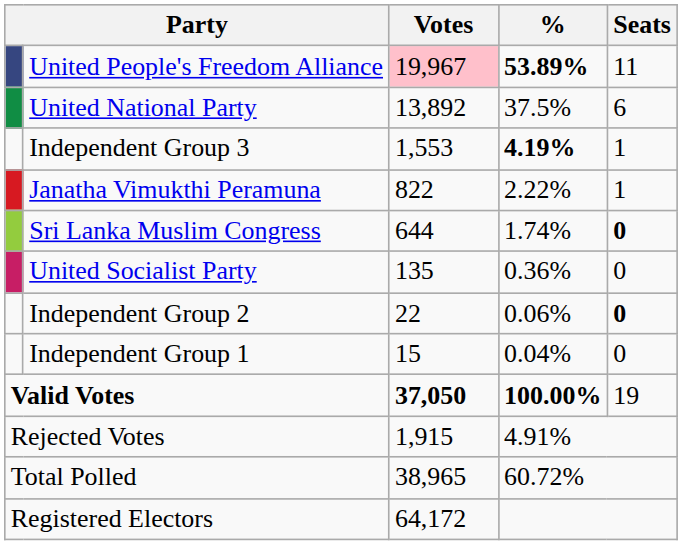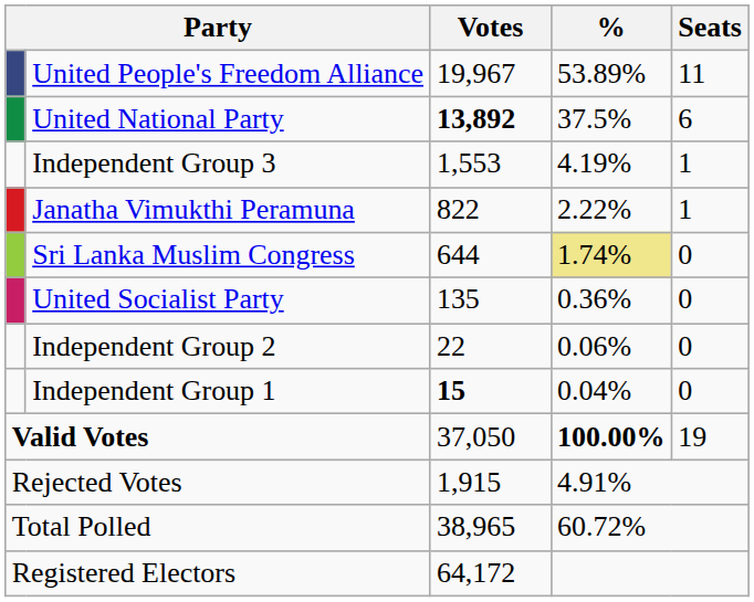 <table class="wikitable" border="1" style="text-align:left;">
 <tr>
 <th colspan="2" valign="bottom" align="left">Party</th>
 <th valign="bottom" align="center" width="60">Votes</th>
 <th valign="bottom" align="center" width="50">%</th>
 <th valign="bottom" align="center">Seats</th>
 </tr>
 <tr>
 <td bgcolor="#364680"> </td>
 <td align="left"><a href='#'>United People's Freedom Alliance</a></td>
-<td style="background: pink;">19,967</td>
-<td><strong>53.89%</strong></td>
+<td>19,967</td>
+<td>53.89%</td>
 <td>11</td>
 </tr>
 <tr>
 <td bgcolor="#108D44"> </td>
 <td align="left"><a href='#'>United National Party</a></td>
-<td>13,892</td>
+<td><strong>13,892</strong></td>
 <td>37.5%</td>
 <td>6</td>
 </tr>
 <tr>
 <td></td>
 <td>Independent Group 3</td>
 <td>1,553</td>
-<td><strong>4.19%</strong></td>
+<td>4.19%</td>
 <td>1</td>
 </tr>
 <tr>
 <td bgcolor="#D71921"> </td>
 <td align="left"><a href='#'>Janatha Vimukthi Peramuna</a></td>
 <td>822</td>
 <td>2.22%</td>
 <td>1</td>
 </tr>
 <tr>
 <td bgcolor="#93CC3E"> </td>
 <td><a href='#'>Sri Lanka Muslim Congress</a></td>
 <td>644</td>
-<td>1.74%</td>
-<td><strong>0</strong></td>
+<td style="background: khaki;">1.74%</td>
+<td>0</td>
 </tr>
 <tr>
 <td bgcolor="#C71E65"> </td>
 <td><a href='#'>United Socialist Party</a></td>
 <td>135</td>
 <td>0.36%</td>
 <td>0</td>
 </tr>
 <tr>
 <td></td>
 <td>Independent Group 2</td>
 <td>22</td>
 <td>0.06%</td>
-<td><strong>0</strong></td>
+<td>0</td>
 </tr>
 <tr>
 <td></td>
 <td>Independent Group 1</td>
-<td>15</td>
+<td><strong>15</strong></td>
 <td>0.04%</td>
 <td>0</td>
 </tr>
 <tr>
 <td colspan="2" align="left"><strong>Valid Votes</strong></td>
-<td><strong>37,050</strong></td>
+<td>37,050</td>
 <td><strong>100.00%</strong></td>
 <td>19</td>
 </tr>
 <tr>
 <td colspan="2" align="left">Rejected Votes</td>
 <td>1,915</td>
 <td colspan="2">4.91%</td>
 </tr>
 <tr>
 <td colspan="2" align="left">Total Polled</td>
 <td>38,965</td>
 <td colspan="2">60.72%</td>
 </tr>
 <tr>
 <td colspan="2" align="left">Registered Electors</td>
 <td>64,172</td>
 <td colspan="2"></td>
 </tr>
 </table>
